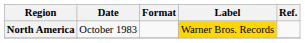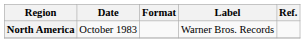 <table class="wikitable plainrowheaders">
 <tr>
 <th scope="col">Region</th>
 <th scope="col">Date</th>
 <th scope="col">Format</th>
 <th scope="col">Label</th>
 <th scope="col">Ref.</th>
 </tr>
 <tr>
 <th scope="row">North America</th>
 <td>October 1983</td>
 <td></td>
-<td style="background: gold;">Warner Bros. Records</td>
+<td>Warner Bros. Records</td>
 <td></td>
 </tr>
 <tr>
 </tr>
 </table>
